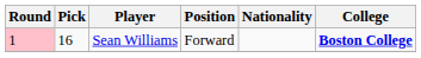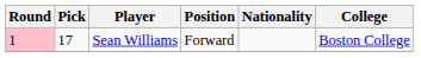 <table class="wikitable sortable sortable">
 <tr>
 <th>Round</th>
 <th>Pick</th>
 <th>Player</th>
 <th>Position</th>
 <th>Nationality</th>
 <th>College</th>
 </tr>
 <tr>
 <td style="background: pink;">1</td>
-<td>16</td>
+<td>17</td>
 <td><a href='#'>Sean Williams</a></td>
 <td>Forward</td>
 <td></td>
-<td><strong><a href='#'>Boston College</a></strong></td>
+<td><a href='#'>Boston College</a></td>
 </tr>
 <tr>
 </tr>
 </table>
